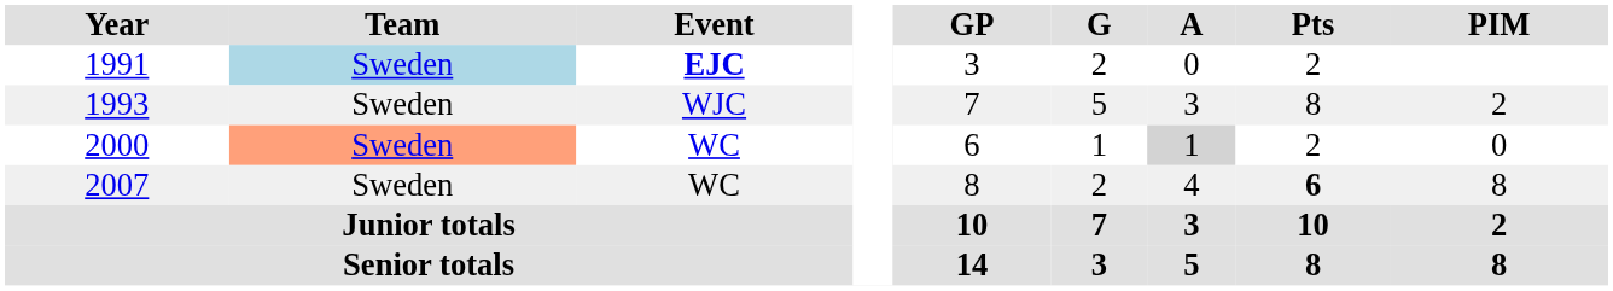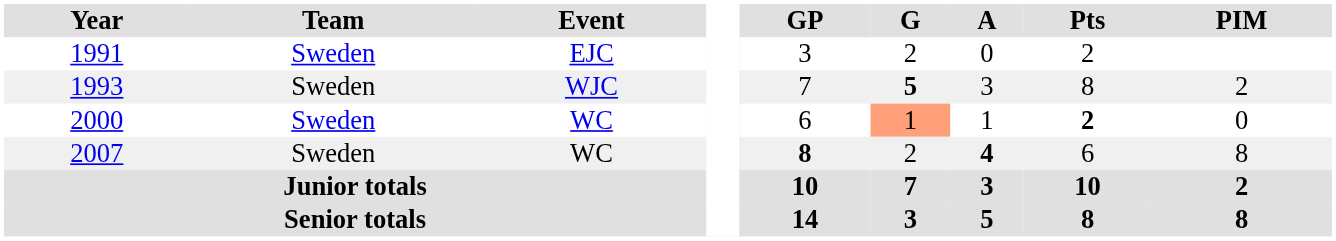 <table border="0" cellpadding="1" cellspacing="0" style="text-align:center; width:50em">
 <tr ALIGN="center" bgcolor="#e0e0e0">
 <th>Year</th>
 <th>Team</th>
 <th>Event</th>
 <th rowspan="99" bgcolor="#ffffff"> </th>
 <th>GP</th>
 <th>G</th>
 <th>A</th>
 <th>Pts</th>
 <th>PIM</th>
 </tr>
 <tr>
 <td><a href='#'>1991</a></td>
-<td style="background: lightblue;"><a href='#'>Sweden</a></td>
-<td><strong><a href='#'>EJC</a></strong></td>
+<td><a href='#'>Sweden</a></td>
+<td><a href='#'>EJC</a></td>
 <td>3</td>
 <td>2</td>
 <td>0</td>
 <td>2</td>
 <td></td>
 </tr>
 <tr bgcolor="#f0f0f0">
 <td><a href='#'>1993</a></td>
 <td>Sweden</td>
 <td><a href='#'>WJC</a></td>
 <td>7</td>
-<td>5</td>
+<td><strong>5</strong></td>
 <td>3</td>
 <td>8</td>
 <td>2</td>
 </tr>
 <tr>
 <td><a href='#'>2000</a></td>
-<td style="background: lightsalmon;"><a href='#'>Sweden</a></td>
+<td><a href='#'>Sweden</a></td>
 <td><a href='#'>WC</a></td>
 <td>6</td>
+<td style="background: lightsalmon;">1</td>
 <td>1</td>
-<td style="background: lightgrey;">1</td>
-<td>2</td>
+<td><strong>2</strong></td>
 <td>0</td>
 </tr>
 <tr bgcolor="#f0f0f0">
 <td><a href='#'>2007</a></td>
 <td>Sweden</td>
 <td>WC</td>
-<td>8</td>
+<td><strong>8</strong></td>
 <td>2</td>
-<td>4</td>
-<td><strong>6</strong></td>
+<td><strong>4</strong></td>
+<td>6</td>
 <td>8</td>
 </tr>
 <tr bgcolor="#e0e0e0">
 <th colspan=3>Junior totals</th>
 <th>10</th>
 <th>7</th>
 <th>3</th>
 <th>10</th>
 <th>2</th>
 </tr>
 <tr bgcolor="#e0e0e0">
 <th colspan=3>Senior totals</th>
 <th>14</th>
 <th>3</th>
 <th>5</th>
 <th>8</th>
 <th>8</th>
 </tr>
 </table>
